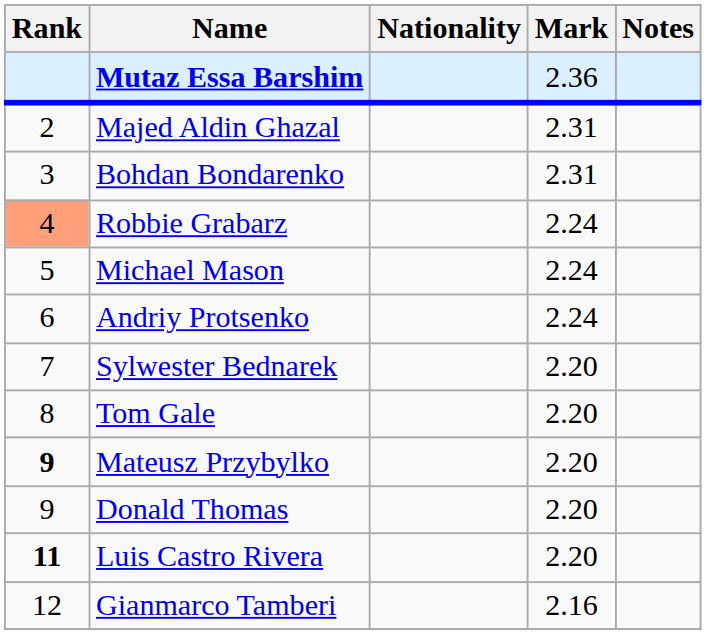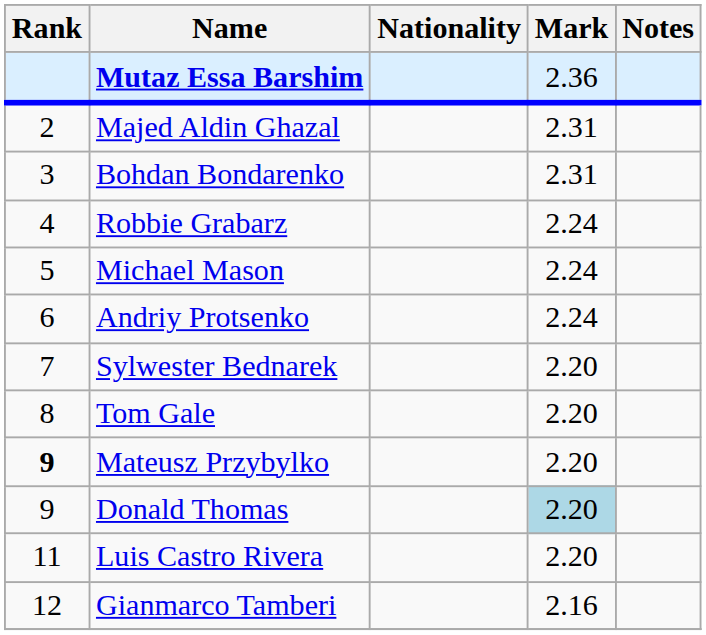 <table class="wikitable sortable" style="text-align:center">
 <tr>
 <th>Rank</th>
 <th>Name</th>
 <th>Nationality</th>
 <th>Mark</th>
 <th>Notes</th>
 </tr>
 <tr bgcolor=#daefff>
 <td></td>
 <td align=left><strong><a href='#'>Mutaz Essa Barshim</a></strong></td>
 <td align=left><strong></strong></td>
 <td>2.36</td>
 <td></td>
 </tr>
 <tr style="border-top:3px solid blue;">
 <td>2</td>
 <td align=left><a href='#'>Majed Aldin Ghazal</a></td>
 <td align=left></td>
 <td>2.31</td>
 <td></td>
 </tr>
 <tr>
 <td>3</td>
 <td align=left><a href='#'>Bohdan Bondarenko</a></td>
 <td align=left></td>
 <td>2.31</td>
 <td></td>
 </tr>
 <tr>
-<td style="background: lightsalmon;">4</td>
+<td>4</td>
 <td align=left><a href='#'>Robbie Grabarz</a></td>
 <td align=left></td>
 <td>2.24</td>
 <td></td>
 </tr>
 <tr>
 <td>5</td>
 <td align=left><a href='#'>Michael Mason</a></td>
 <td align=left></td>
 <td>2.24</td>
 <td></td>
 </tr>
 <tr>
 <td>6</td>
 <td align=left><a href='#'>Andriy Protsenko</a></td>
 <td align=left></td>
 <td>2.24</td>
 <td></td>
 </tr>
 <tr>
 <td>7</td>
 <td align=left><a href='#'>Sylwester Bednarek</a></td>
 <td align=left></td>
 <td>2.20</td>
 <td></td>
 </tr>
 <tr>
 <td>8</td>
 <td align=left><a href='#'>Tom Gale</a></td>
 <td align=left></td>
 <td>2.20</td>
 <td></td>
 </tr>
 <tr>
 <td><strong>9</strong></td>
 <td align=left><a href='#'>Mateusz Przybylko</a></td>
 <td align=left></td>
 <td>2.20</td>
 <td></td>
 </tr>
 <tr>
 <td>9</td>
 <td align=left><a href='#'>Donald Thomas</a></td>
 <td align=left></td>
-<td>2.20</td>
+<td style="background: lightblue;">2.20</td>
 <td></td>
 </tr>
 <tr>
-<td><strong>11</strong></td>
+<td>11</td>
 <td align=left><a href='#'>Luis Castro Rivera</a></td>
 <td align=left></td>
 <td>2.20</td>
 <td></td>
 </tr>
 <tr>
 <td>12</td>
 <td align=left><a href='#'>Gianmarco Tamberi</a></td>
 <td align=left></td>
 <td>2.16</td>
 <td></td>
 </tr>
 <tr>
 </tr>
 </table>
